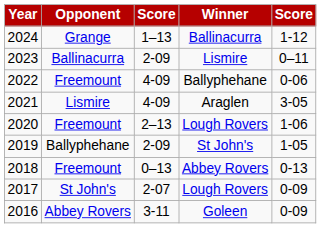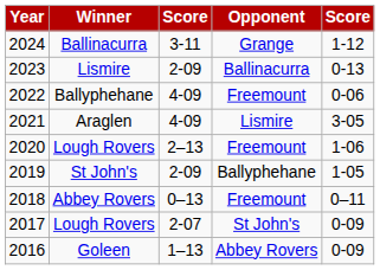 <table class="wikitable" style="text-align:center;">
 <tr>
 <th style="background:#B60000;color:white">Year</th>
+<th style="background:#B60000;color:white">Winner</th>
+<th style="background:#B60000;color:white">Score</th>
 <th style="background:#B60000;color:white">Opponent</th>
-<th style="background:#B60000;color:white">Score</th>
-<th style="background:#B60000;color:white">Winner</th>
 <th style="background:#B60000;color:white">Score</th>
 </tr>
 <tr>
 <td>2024</td>
+<td><a href='#'>Ballinacurra</a></td>
+<td>3-11</td>
 <td><a href='#'>Grange</a></td>
-<td>1–13</td>
-<td><a href='#'>Ballinacurra</a></td>
 <td>1-12</td>
 </tr>
 <tr>
 <td>2023</td>
+<td><a href='#'>Lismire</a></td>
+<td>2-09</td>
 <td><a href='#'>Ballinacurra</a></td>
-<td>2-09</td>
-<td><a href='#'>Lismire</a></td>
-<td>0–11</td>
+<td>0-13</td>
 </tr>
 <tr>
 <td>2022</td>
+<td>Ballyphehane</td>
+<td>4-09</td>
 <td><a href='#'>Freemount</a></td>
-<td>4-09</td>
-<td>Ballyphehane</td>
 <td>0-06</td>
 </tr>
 <tr>
 <td>2021</td>
+<td>Araglen</td>
+<td>4-09</td>
 <td><a href='#'>Lismire</a></td>
-<td>4-09</td>
-<td>Araglen</td>
 <td>3-05</td>
 </tr>
 <tr>
 <td>2020</td>
+<td><a href='#'>Lough Rovers</a></td>
+<td>2–13</td>
 <td><a href='#'>Freemount</a></td>
-<td>2–13</td>
-<td><a href='#'>Lough Rovers</a></td>
 <td>1-06</td>
 </tr>
 <tr>
 <td>2019</td>
+<td><a href='#'>St John's</a></td>
+<td>2-09</td>
 <td>Ballyphehane</td>
-<td>2-09</td>
-<td><a href='#'>St John's</a></td>
 <td>1-05</td>
 </tr>
 <tr>
 <td>2018</td>
+<td><a href='#'>Abbey Rovers</a></td>
+<td>0–13</td>
 <td><a href='#'>Freemount</a></td>
-<td>0–13</td>
-<td><a href='#'>Abbey Rovers</a></td>
-<td>0-13</td>
+<td>0–11</td>
 </tr>
 <tr>
 <td>2017</td>
+<td><a href='#'>Lough Rovers</a></td>
+<td>2-07</td>
 <td><a href='#'>St John's</a></td>
-<td>2-07</td>
-<td><a href='#'>Lough Rovers</a></td>
 <td>0-09</td>
 </tr>
 <tr>
 <td>2016</td>
+<td><a href='#'>Goleen</a></td>
+<td>1–13</td>
 <td><a href='#'>Abbey Rovers</a></td>
-<td>3-11</td>
-<td><a href='#'>Goleen</a></td>
 <td>0-09</td>
 </tr>
 </table>
